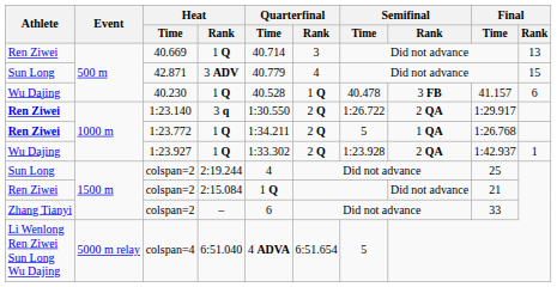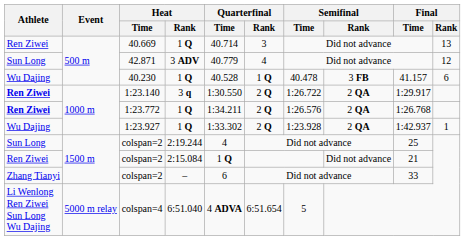 <table class="wikitable" style="font-size:90%">
 <tr>
 <th rowspan=2>Athlete</th>
 <th rowspan=2>Event</th>
 <th colspan=2>Heat</th>
 <th colspan=2>Quarterfinal</th>
 <th colspan=2>Semifinal</th>
 <th colspan=2>Final</th>
 </tr>
 <tr style="font-size:95%">
 <th>Time</th>
 <th>Rank</th>
 <th>Time</th>
 <th>Rank</th>
 <th>Time</th>
 <th>Rank</th>
 <th>Time</th>
 <th>Rank</th>
 </tr>
 <tr align=center>
 <td align=left><a href='#'>Ren Ziwei</a></td>
 <td align=left rowspan=3><a href='#'>500 m</a></td>
 <td>40.669</td>
 <td>1 <strong>Q</strong></td>
 <td>40.714</td>
 <td>3</td>
 <td colspan=3>Did not advance</td>
 <td>13</td>
 </tr>
 <tr align=center>
 <td align=left><a href='#'>Sun Long</a></td>
 <td>42.871</td>
 <td>3 <strong>ADV</strong></td>
 <td>40.779</td>
 <td>4</td>
 <td colspan=3>Did not advance</td>
-<td>15</td>
+<td>12</td>
 </tr>
 <tr align=center>
 <td align=left><a href='#'>Wu Dajing</a></td>
 <td>40.230</td>
 <td>1 <strong>Q</strong></td>
 <td>40.528</td>
 <td>1 <strong>Q</strong></td>
 <td>40.478</td>
 <td>3 <strong>FB</strong></td>
 <td>41.157</td>
 <td>6</td>
 </tr>
 <tr align=center>
 <td align=left><strong><a href='#'>Ren Ziwei</a></strong></td>
 <td align=left rowspan=3><a href='#'>1000 m</a></td>
 <td>1:23.140</td>
 <td>3 <strong>q</strong></td>
 <td>1:30.550</td>
 <td>2 <strong>Q</strong></td>
 <td>1:26.722</td>
 <td>2 <strong>QA</strong></td>
 <td>1:29.917</td>
 <td></td>
 </tr>
 <tr align=center>
 <td align=left><strong><a href='#'>Ren Ziwei</a></strong></td>
 <td>1:23.772</td>
 <td>1 <strong>Q</strong></td>
 <td>1:34.211</td>
 <td>2 <strong>Q</strong></td>
-<td>5</td>
-<td>1 <strong>QA</strong></td>
+<td>1:26.576</td>
+<td>2 <strong>QA</strong></td>
 <td>1:26.768</td>
 <td></td>
 </tr>
 <tr align=center>
 <td align=left><a href='#'>Wu Dajing</a></td>
 <td>1:23.927</td>
 <td>1 <strong>Q</strong></td>
 <td>1:33.302</td>
 <td>2 <strong>Q</strong></td>
 <td>1:23.928</td>
 <td>2 <strong>QA</strong></td>
 <td>1:42.937</td>
 <td>1</td>
 </tr>
 <tr align=center>
 <td align=left><a href='#'>Sun Long</a></td>
 <td align=left rowspan=3><a href='#'>1500 m</a></td>
 <td>colspan=2 </td>
 <td>2:19.244</td>
 <td>4</td>
 <td colspan=3>Did not advance</td>
 <td>25</td>
 </tr>
 <tr align=center>
 <td align=left><a href='#'>Ren Ziwei</a></td>
 <td>colspan=2 </td>
 <td>2:15.084</td>
 <td>1 <strong>Q</strong></td>
 <td colspan=2></td>
 <td>Did not advance</td>
 <td>21</td>
 </tr>
 <tr align=center>
 <td align=left><a href='#'>Zhang Tianyi</a></td>
 <td>colspan=2 </td>
 <td>–</td>
 <td>6</td>
 <td colspan=3>Did not advance</td>
 <td>33</td>
 </tr>
 <tr align=center>
 <td align=left><a href='#'>Li Wenlong</a><br><a href='#'>Ren Ziwei</a><br><a href='#'>Sun Long</a><br><a href='#'>Wu Dajing</a></td>
 <td align=left><a href='#'>5000 m relay</a></td>
 <td>colspan=4 </td>
 <td>6:51.040</td>
 <td>4 <strong>ADVA</strong></td>
 <td>6:51.654</td>
 <td>5</td>
 </tr>
 </table>
